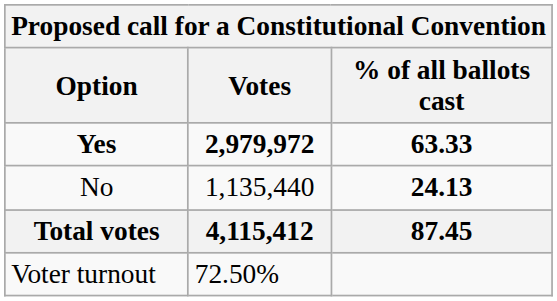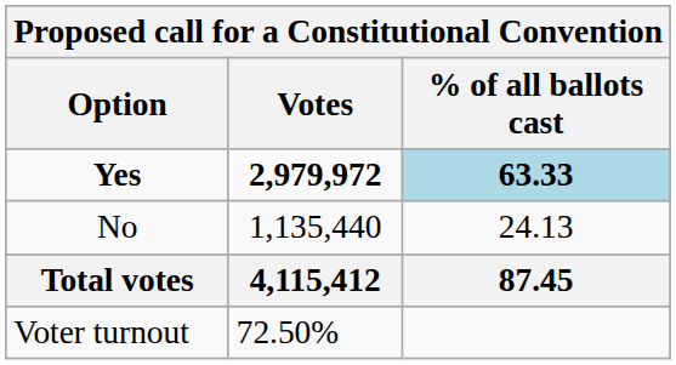 <table class="wikitable">
 <tr>
 <th colspan=4 text align=center>Proposed call for a Constitutional Convention</th>
 </tr>
 <tr>
 <th>Option</th>
 <th>Votes</th>
 <th>% of all ballots<br>cast</th>
 </tr>
 <tr>
 <td text align=center><strong>Yes</strong></td>
 <td text align=center><strong>2,979,972</strong></td>
-<td text align=center><strong>63.33</strong></td>
+<td text align=center style="background: lightblue;"><strong>63.33</strong></td>
 </tr>
 <tr>
 <td text align=center>No</td>
 <td text align=center>1,135,440</td>
-<td text align=center><strong>24.13</strong></td>
+<td text align=center>24.13</td>
 </tr>
 <tr>
 <th text align=center>Total votes</th>
 <th text align=center><strong>4,115,412</strong></th>
 <th text align=center><strong>87.45</strong></th>
 </tr>
 <tr>
 <td>Voter turnout</td>
 <td>72.50%</td>
 </tr>
 </table>
